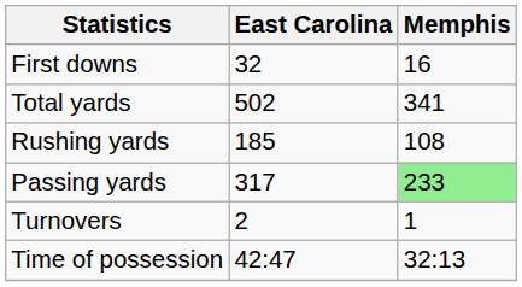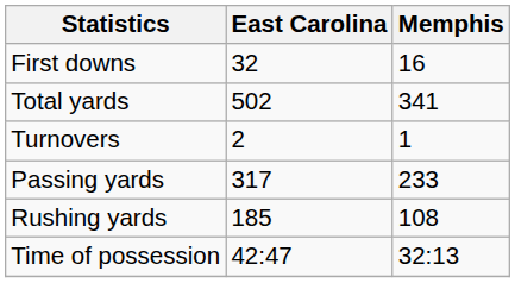 <table class="wikitable">
 <tr>
 <th>Statistics</th>
 <th>East Carolina</th>
 <th>Memphis</th>
 </tr>
 <tr>
 <td>First downs</td>
 <td>32</td>
 <td>16</td>
 </tr>
 <tr>
 <td>Total yards</td>
 <td>502</td>
 <td>341</td>
 </tr>
 <tr>
-<td>Rushing yards</td>
-<td>185</td>
-<td>108</td>
+<td>Turnovers</td>
+<td>2</td>
+<td>1</td>
 </tr>
 <tr>
 <td>Passing yards</td>
 <td>317</td>
-<td style="background: lightgreen;">233</td>
+<td>233</td>
 </tr>
 <tr>
-<td>Turnovers</td>
-<td>2</td>
-<td>1</td>
+<td>Rushing yards</td>
+<td>185</td>
+<td>108</td>
 </tr>
 <tr>
 <td>Time of possession</td>
 <td>42:47</td>
 <td>32:13</td>
 </tr>
 <tr>
 </tr>
 </table>
